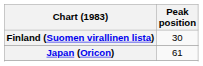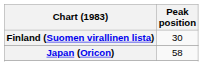 <table class="wikitable sortable plainrowheaders" style="text-align:center">
 <tr>
 <th>Chart (1983)</th>
 <th>Peak<br>position</th>
 </tr>
 <tr>
 <th scope="row">Finland (<a href='#'>Suomen virallinen lista</a>)</th>
 <td>30</td>
 </tr>
 <tr>
 </tr>
 <tr>
 </tr>
 <tr>
 <th scope="row"><a href='#'>Japan</a> (<a href='#'>Oricon</a>)</th>
-<td>61</td>
+<td>58</td>
 </tr>
 <tr>
 </tr>
 <tr>
 </tr>
 </table>
